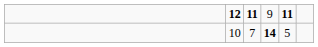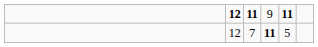 <table class="wikitable">
 <tr>
 <td style="width:18em"></td>
 <td align=center style="width:1em"><strong>12</strong></td>
 <td align=center style="width:1em"><strong>11</strong></td>
 <td align=center style="width:1em">9</td>
 <td align=center style="width:1em"><strong>11</strong></td>
 <td align=center style="width:1em"></td>
 </tr>
 <tr>
 <td style="width:18em"></td>
-<td align=center style="width:1em">10</td>
+<td align=center style="width:1em">12</td>
 <td align=center style="width:1em">7</td>
-<td align=center style="width:1em"><strong>14</strong></td>
+<td align=center style="width:1em"><strong>11</strong></td>
 <td align=center style="width:1em">5</td>
 <td align=center style="width:1em"></td>
 </tr>
 </table>
